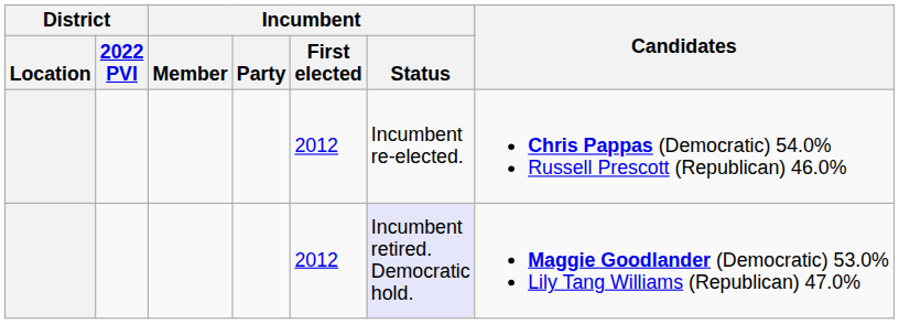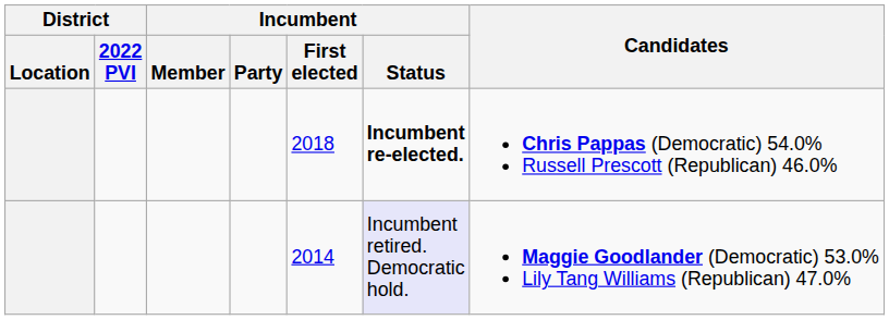 <table class="wikitable sortable">
 <tr>
 <th colspan=2>District</th>
 <th colspan=4>Incumbent</th>
 <th rowspan=2 class="unsortable">Candidates</th>
 </tr>
 <tr valign=bottom>
 <th>Location</th>
 <th><a href='#'>2022<br>PVI</a></th>
 <th>Member</th>
 <th>Party</th>
 <th>First<br>elected</th>
 <th>Status</th>
 </tr>
 <tr>
 <th></th>
 <td></td>
 <td></td>
 <td></td>
-<td><a href='#'>2012</a></td>
-<td>Incumbent re-elected.</td>
+<td><a href='#'>2018</a></td>
+<td><strong>Incumbent re-elected.</strong></td>
 <td nowrap><br><ul><li> <strong><a href='#'>Chris Pappas</a></strong> (Democratic) 54.0%</li><li><a href='#'>Russell Prescott</a> (Republican) 46.0%</li></ul></td>
 </tr>
 <tr>
 <th></th>
 <td></td>
 <td></td>
 <td></td>
-<td><a href='#'>2012</a></td>
+<td><a href='#'>2014</a></td>
 <td style="background: lavender;">Incumbent retired.<br>Democratic hold.</td>
 <td nowrap><br><ul><li> <strong><a href='#'>Maggie Goodlander</a></strong> (Democratic) 53.0%</li><li><a href='#'>Lily Tang Williams</a> (Republican) 47.0%</li></ul></td>
 </tr>
 </table>
